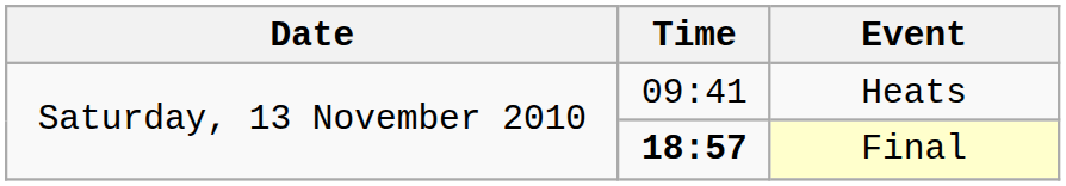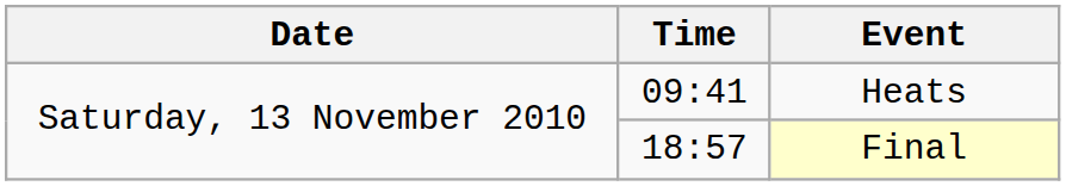 <table class = "wikitable" style="text-align:center;">
 <tr>
 <th width=220>Date</th>
 <th width=50>Time</th>
 <th width=100>Event</th>
 </tr>
 <tr>
 <td rowspan=2>Saturday, 13 November 2010</td>
 <td>09:41</td>
 <td>Heats</td>
 </tr>
 <tr>
-<td><strong>18:57</strong></td>
+<td>18:57</td>
 <td bgcolor=ffffcc>Final</td>
 </tr>
 </table>
